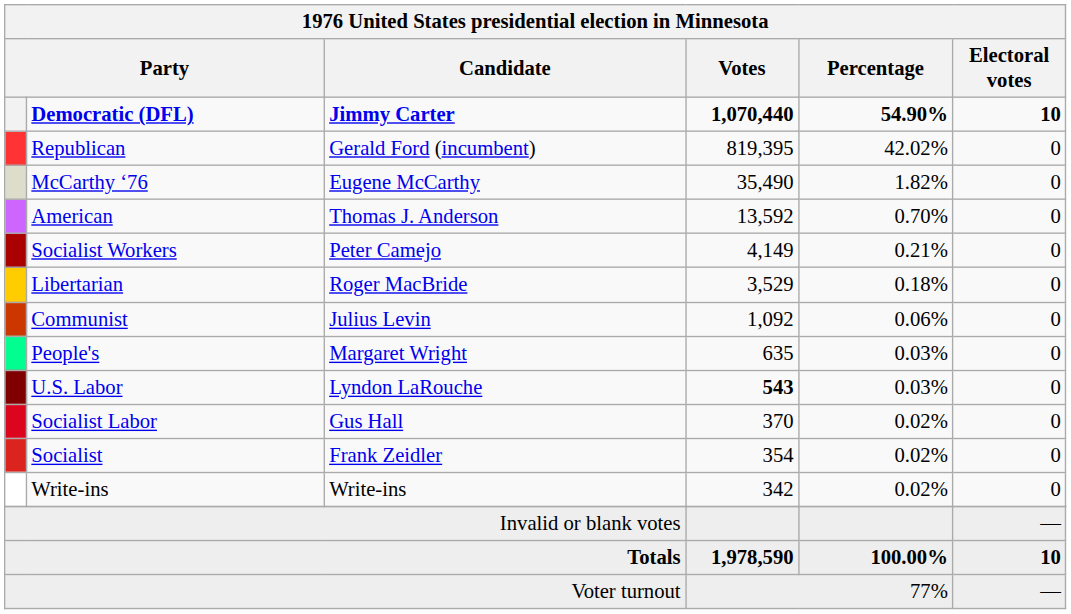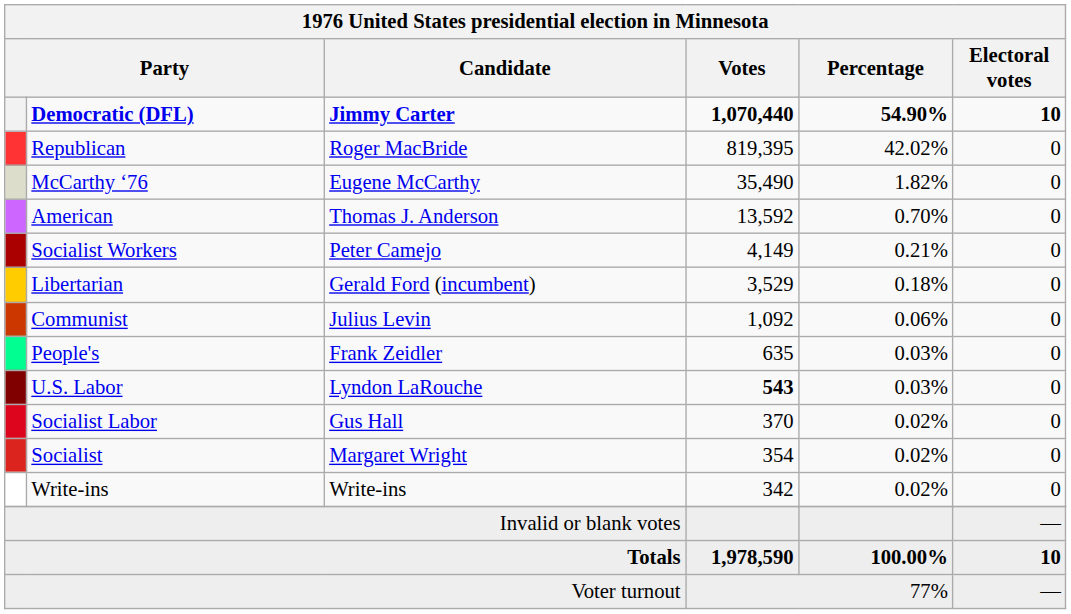 <table class="wikitable" style="font-size: 95%;">
 <tr>
 <th colspan="6">1976 United States presidential election in Minnesota</th>
 </tr>
 <tr>
 <th colspan="2" style="width: 15em">Party</th>
 <th style="width: 17em">Candidate</th>
 <th style="width: 5em">Votes</th>
 <th style="width: 7em">Percentage</th>
 <th style="width: 5em">Electoral votes</th>
 </tr>
 <tr>
 <th style="background-color:"></th>
 <td style="width: 130px"><strong><a href='#'>Democratic (DFL)</a></strong></td>
 <td><strong><a href='#'>Jimmy Carter</a></strong></td>
 <td align="right"><strong>1,070,440</strong></td>
 <td align="right"><strong>54.90%</strong></td>
 <td align="right"><strong>10</strong></td>
 </tr>
 <tr>
 <th style="background-color:#FF3333; width: 3px"></th>
 <td style="width: 130px"><a href='#'>Republican</a></td>
-<td><a href='#'>Gerald Ford</a> (<a href='#'>incumbent</a>)</td>
+<td><a href='#'>Roger MacBride</a></td>
 <td align="right">819,395</td>
 <td align="right">42.02%</td>
 <td align="right">0</td>
 </tr>
 <tr>
 <th style="background-color:#DDDDCC; width: 3px"></th>
 <td style="width: 130px"><a href='#'>McCarthy ‘76</a></td>
 <td><a href='#'>Eugene McCarthy</a></td>
 <td align="right">35,490</td>
 <td align="right">1.82%</td>
 <td align="right">0</td>
 </tr>
 <tr>
 <th style="background-color:#CC66FF; width: 3px"></th>
 <td style="width: 130px"><a href='#'>American</a></td>
 <td><a href='#'>Thomas J. Anderson</a></td>
 <td align="right">13,592</td>
 <td align="right">0.70%</td>
 <td align="right">0</td>
 </tr>
 <tr>
 <th style="background-color:#aa0000; width: 3px"></th>
 <td style="width: 130px"><a href='#'>Socialist Workers</a></td>
 <td><a href='#'>Peter Camejo</a></td>
 <td align="right">4,149</td>
 <td align="right">0.21%</td>
 <td align="right">0</td>
 </tr>
 <tr>
 <th style="background-color:#FFCC00; width: 3px"></th>
 <td style="width: 130px"><a href='#'>Libertarian</a></td>
-<td><a href='#'>Roger MacBride</a></td>
+<td><a href='#'>Gerald Ford</a> (<a href='#'>incumbent</a>)</td>
 <td align="right">3,529</td>
 <td align="right">0.18%</td>
 <td align="right">0</td>
 </tr>
 <tr>
 <th style="background-color:#CC3700; width: 3px"></th>
 <td style="width: 130px"><a href='#'>Communist</a></td>
 <td><a href='#'>Julius Levin</a></td>
 <td align="right">1,092</td>
 <td align="right">0.06%</td>
 <td align="right">0</td>
 </tr>
 <tr>
 <th style="background-color:#00FF90; width: 3px"></th>
 <td style="width: 130px"><a href='#'>People's</a></td>
-<td><a href='#'>Margaret Wright</a></td>
+<td><a href='#'>Frank Zeidler</a></td>
 <td align="right">635</td>
 <td align="right">0.03%</td>
 <td align="right">0</td>
 </tr>
 <tr>
 <th style="background-color:#800000; width: 3px"></th>
 <td style="width: 130px"><a href='#'>U.S. Labor</a></td>
 <td><a href='#'>Lyndon LaRouche</a></td>
 <td align="right"><strong>543</strong></td>
 <td align="right">0.03%</td>
 <td align="right">0</td>
 </tr>
 <tr>
 <th style="background-color:#DD051D; width: 3px"></th>
 <td style="width: 130px"><a href='#'>Socialist Labor</a></td>
 <td><a href='#'>Gus Hall</a></td>
 <td align="right">370</td>
 <td align="right">0.02%</td>
 <td align="right">0</td>
 </tr>
 <tr>
 <th style="background-color:#DC241f; width: 3px"></th>
 <td style="width: 130px"><a href='#'>Socialist</a></td>
-<td><a href='#'>Frank Zeidler</a></td>
+<td><a href='#'>Margaret Wright</a></td>
 <td align="right">354</td>
 <td align="right">0.02%</td>
 <td align="right">0</td>
 </tr>
 <tr>
 <th style="background-color:#FFFFFF; width: 3px"></th>
 <td style="width: 130px">Write-ins</td>
 <td>Write-ins</td>
 <td align="right">342</td>
 <td align="right">0.02%</td>
 <td align="right">0</td>
 </tr>
 <tr>
 </tr>
 <tr bgcolor="#EEEEEE">
 <td colspan="3" align="right">Invalid or blank votes</td>
 <td align="right"></td>
 <td align="right"></td>
 <td align="right">—</td>
 </tr>
 <tr bgcolor="#EEEEEE">
 <td colspan="3" align="right"><strong>Totals</strong></td>
 <td align="right"><strong>1,978,590</strong></td>
 <td align="right"><strong>100.00%</strong></td>
 <td align="right"><strong>10</strong></td>
 </tr>
 <tr bgcolor="#EEEEEE">
 <td colspan="3" align="right">Voter turnout</td>
 <td colspan="2" align="right">77%</td>
 <td align="right">—</td>
 </tr>
 </table>
